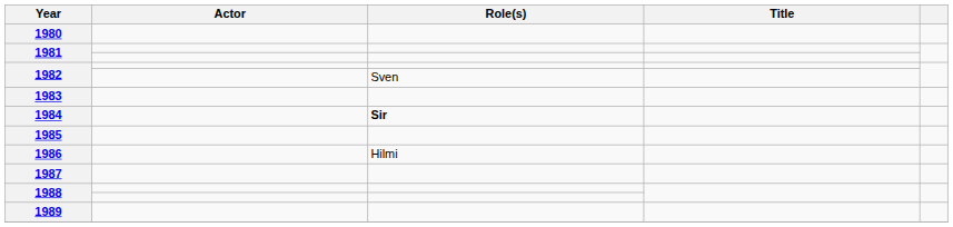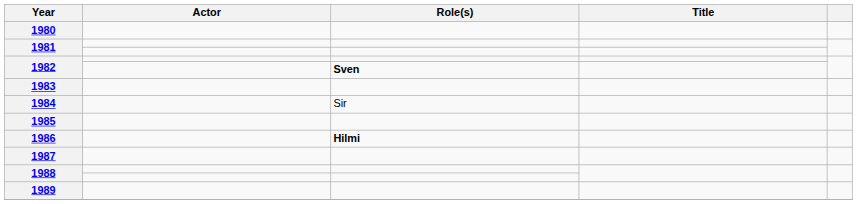 <table class="wikitable unsortable">
 <tr>
 <th scope="col" style="width:3%;">Year</th>
 <th scope="col" style="width:10%;">Actor</th>
 <th scope="col" style="width:10%;">Role(s)</th>
 <th scope="col" style="width:10%;">Title</th>
 <th scope="col" style="width:1%;" class="unsortable"></th>
 </tr>
 <tr>
 <th scope="row", style="text-align:center"><a href='#'>1980</a></th>
 <td></td>
 <td></td>
 <td></td>
 <td style="text-align:center;"></td>
 </tr>
 <tr>
 <th scope="row", rowspan="2" style="text-align:center;"><a href='#'>1981</a></th>
 <td></td>
 <td></td>
 <td colspan="1"></td>
 <td rowspan="2" style="text-align:center;"></td>
 </tr>
 <tr>
 <td></td>
 <td></td>
 <td></td>
 </tr>
 <tr>
 <th scope="row", rowspan="2" style="text-align:center;"><a href='#'>1982</a></th>
 <td></td>
 <td></td>
 <td></td>
 <td rowspan="2" style="text-align:center;"></td>
 </tr>
 <tr>
 <td></td>
-<td>Sven</td>
+<td><strong>Sven</strong></td>
 <td></td>
 </tr>
 <tr>
 <th scope="row", style="text-align:center;"><a href='#'>1983</a></th>
 <td></td>
 <td></td>
 <td colspan="1"></td>
 <td style="text-align:center;"></td>
 </tr>
 <tr>
 <th scope="row", style="text-align:center;"><a href='#'>1984</a></th>
 <td></td>
-<td><strong>Sir</strong></td>
+<td>Sir</td>
 <td colspan="1"></td>
 <td style="text-align:center;"></td>
 </tr>
 <tr>
 <th scope="row", style="text-align:center;"><a href='#'>1985</a></th>
 <td></td>
 <td></td>
 <td colspan="1"></td>
 <td style="text-align:center;"></td>
 </tr>
 <tr>
 <th scope="row", style="text-align:center;"><a href='#'>1986</a></th>
 <td></td>
-<td>Hilmi</td>
+<td><strong>Hilmi</strong></td>
 <td></td>
 <td style="text-align:center;"></td>
 </tr>
 <tr>
 <th scope="row", style="text-align:center;"><a href='#'>1987</a></th>
 <td></td>
 <td></td>
 <td></td>
 <td style="text-align:center;"></td>
 </tr>
 <tr>
 <th scope="row", rowspan="2" style="text-align:center;"><a href='#'>1988</a></th>
 <td></td>
 <td></td>
 <td rowspan="2"></td>
 <td rowspan="2" style="text-align:center;"></td>
 </tr>
 <tr>
 <td></td>
 <td></td>
 </tr>
 <tr>
 <th scope="row", style="text-align:center;"><a href='#'>1989</a></th>
 <td></td>
 <td></td>
 <td colspan="1"></td>
 <td style="text-align:center;"></td>
 </tr>
 <tr>
 </tr>
 </table>
